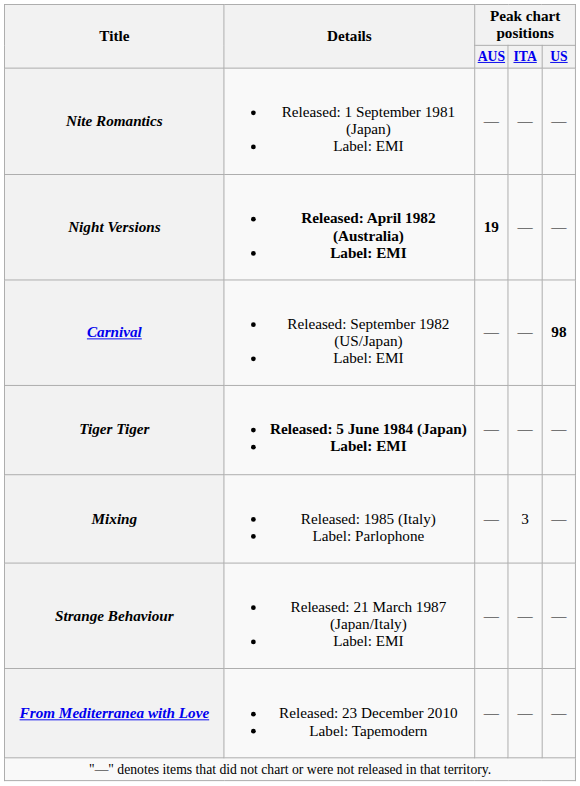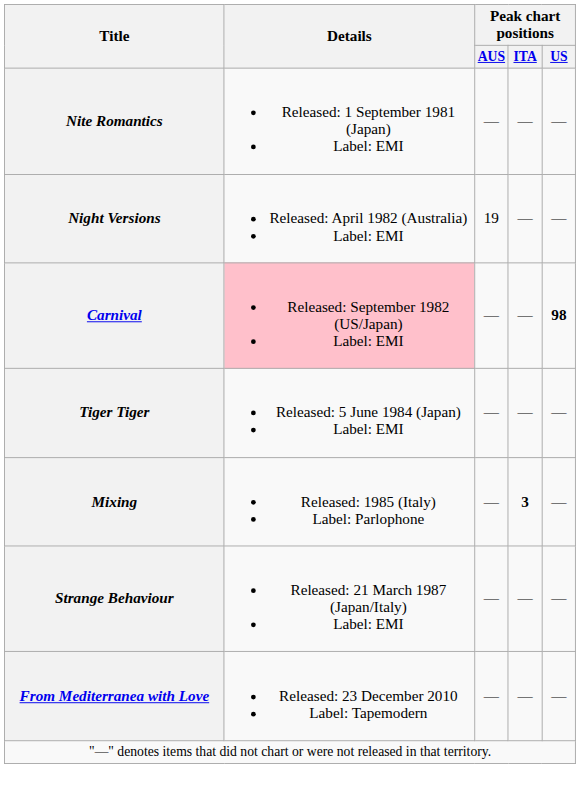 <table class="wikitable plainrowheaders" style="text-align:center;">
 <tr>
 <th scope="col" rowspan="2" style="width:14em;">Title</th>
 <th scope="col" rowspan="2" style="width:16em;">Details</th>
 <th scope="col" colspan="3">Peak chart positions</th>
 </tr>
 <tr>
 <th style="width:2em;font-size:90%;"><a href='#'>AUS</a><br></th>
 <th style="width:2em;font-size:90%;"><a href='#'>ITA</a><br></th>
 <th style="width:2em;font-size:90%;"><a href='#'>US</a><br></th>
 </tr>
 <tr>
 <th scope="row"><em>Nite Romantics</em></th>
 <td><br><ul><li>Released: 1 September 1981 (Japan)</li><li>Label: EMI</li></ul></td>
 <td>—</td>
 <td>—</td>
 <td>—</td>
 </tr>
 <tr>
 <th scope="row"><em>Night Versions</em></th>
-<td><strong><br><ul><li>Released: April 1982 (Australia)</li><li>Label: EMI</li></ul></strong></td>
-<td><strong>19</strong></td>
+<td><br><ul><li>Released: April 1982 (Australia)</li><li>Label: EMI</li></ul></td>
+<td>19</td>
 <td>—</td>
 <td>—</td>
 </tr>
 <tr>
 <th scope="row"><em><a href='#'>Carnival</a></em></th>
-<td><br><ul><li>Released: September 1982 (US/Japan)</li><li>Label: EMI</li></ul></td>
+<td style="background: pink;"><br><ul><li>Released: September 1982 (US/Japan)</li><li>Label: EMI</li></ul></td>
 <td>—</td>
 <td>—</td>
 <td><strong>98</strong></td>
 </tr>
 <tr>
 <th scope="row"><em>Tiger Tiger</em></th>
-<td><strong><br><ul><li>Released: 5 June 1984 (Japan)</li><li>Label: EMI</li></ul></strong></td>
+<td><br><ul><li>Released: 5 June 1984 (Japan)</li><li>Label: EMI</li></ul></td>
 <td>—</td>
 <td>—</td>
 <td>—</td>
 </tr>
 <tr>
 <th scope="row"><em>Mixing</em></th>
 <td><br><ul><li>Released: 1985 (Italy)</li><li>Label: Parlophone</li></ul></td>
 <td>—</td>
-<td>3</td>
+<td><strong>3</strong></td>
 <td>—</td>
 </tr>
 <tr>
 <th scope="row"><em>Strange Behaviour</em></th>
 <td><br><ul><li>Released: 21 March 1987 (Japan/Italy)</li><li>Label: EMI</li></ul></td>
 <td>—</td>
 <td>—</td>
 <td>—</td>
 </tr>
 <tr>
 <th scope="row"><em><a href='#'>From Mediterranea with Love</a></em></th>
 <td><br><ul><li>Released: 23 December 2010</li><li>Label: Tapemodern</li></ul></td>
 <td>—</td>
 <td>—</td>
 <td>—</td>
 </tr>
 <tr>
 <td colspan="15" style="font-size:90%">"—" denotes items that did not chart or were not released in that territory.</td>
 </tr>
 </table>
